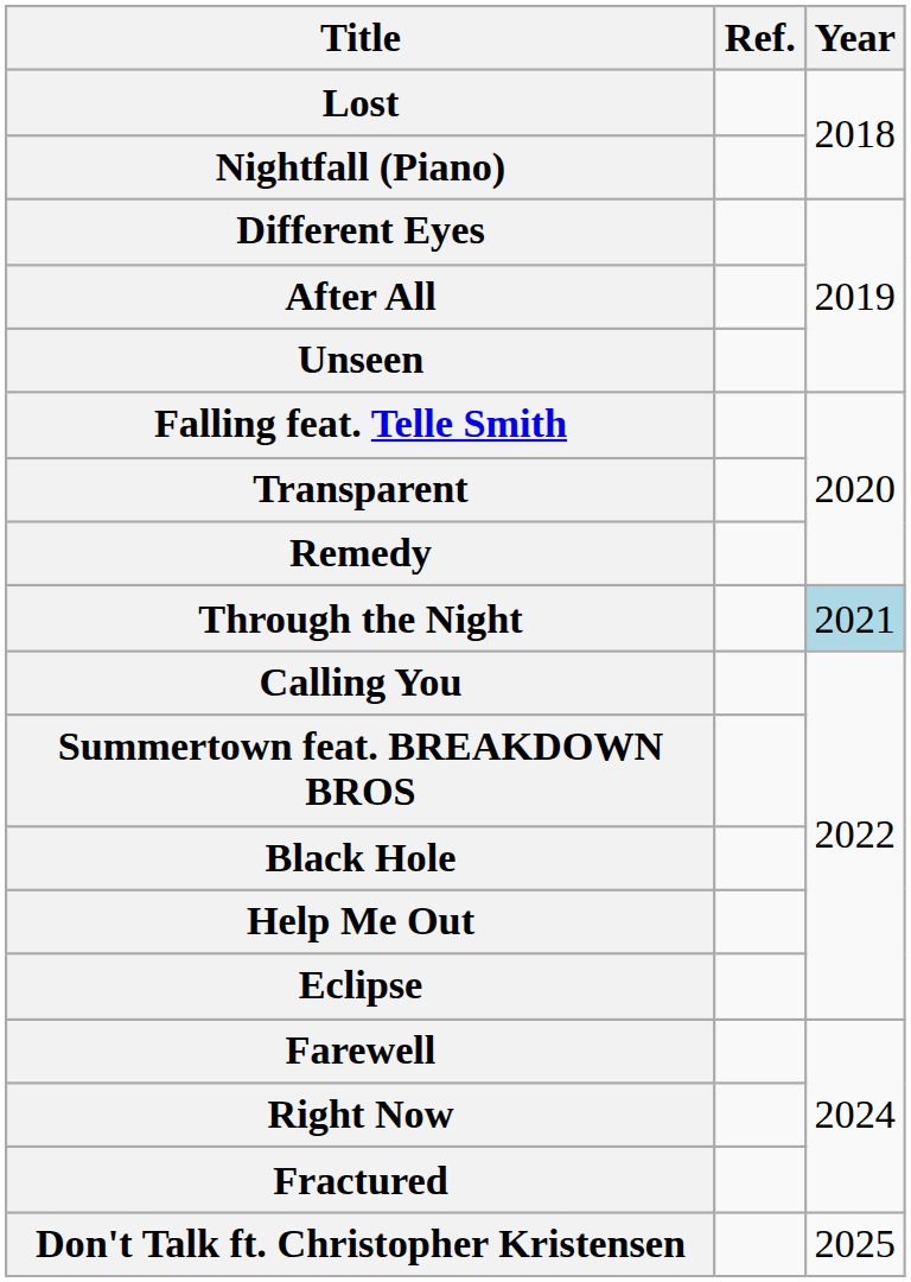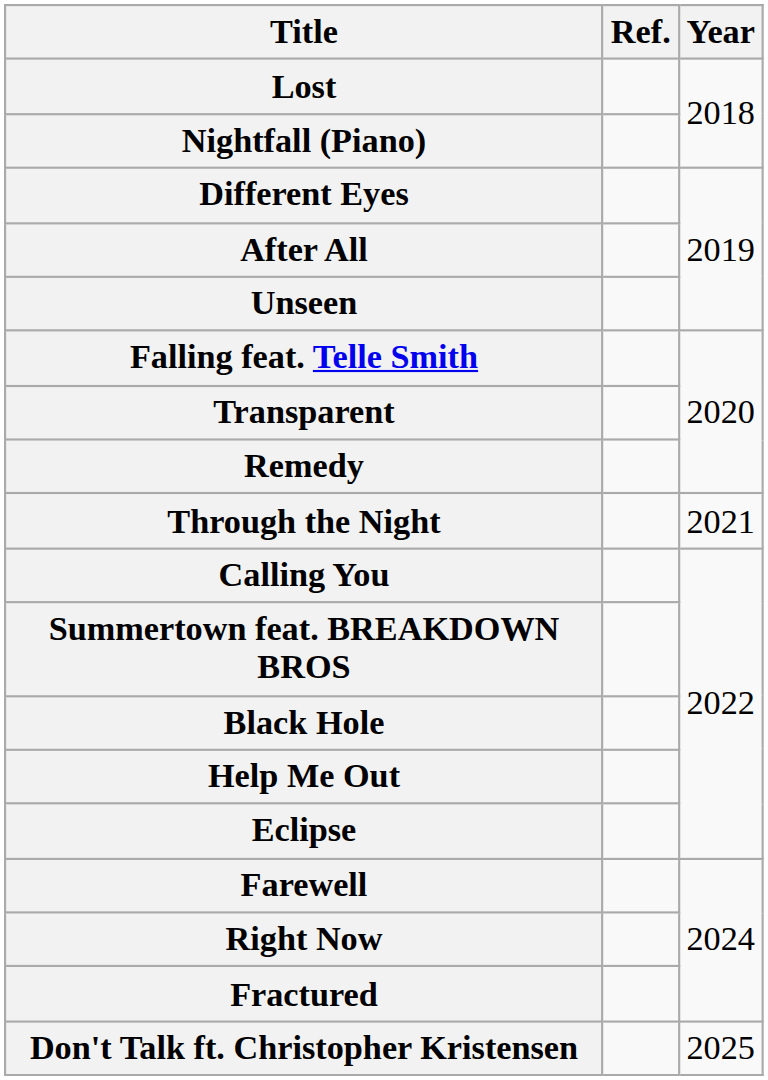 <table class="wikitable plainrowheaders" style="text-align:center;">
 <tr>
 <th scope="col" style="width:17em;">Title</th>
 <th scope="col">Ref.</th>
 <th scope="col">Year</th>
 </tr>
 <tr>
 <th scope="row">Lost</th>
 <td></td>
 <td rowspan="2">2018</td>
 </tr>
 <tr>
 <th scope="row">Nightfall (Piano)</th>
 <td></td>
 </tr>
 <tr>
 <th scope="row">Different Eyes</th>
 <td></td>
 <td rowspan="3">2019</td>
 </tr>
 <tr>
 <th scope="row">After All</th>
 <td></td>
 </tr>
 <tr>
 <th scope="row">Unseen</th>
 <td></td>
 </tr>
 <tr>
 <th scope="row">Falling feat. <a href='#'>Telle Smith</a></th>
 <td></td>
 <td rowspan="3">2020</td>
 </tr>
 <tr>
 <th scope="row">Transparent</th>
 <td></td>
 </tr>
 <tr>
 <th scope="row">Remedy</th>
 <td></td>
 </tr>
 <tr>
 <th scope="row">Through the Night</th>
 <td></td>
-<td rowspan="1" style="background: lightblue;">2021</td>
+<td rowspan="1">2021</td>
 </tr>
 <tr>
 <th scope="row">Calling You</th>
 <td></td>
 <td rowspan="5">2022</td>
 </tr>
 <tr>
 <th scope="row">Summertown feat. BREAKDOWN BROS</th>
 <td></td>
 </tr>
 <tr>
 <th scope="row">Black Hole</th>
 <td></td>
 </tr>
 <tr>
 <th scope="row">Help Me Out</th>
 <td></td>
 </tr>
 <tr>
 <th scope="row">Eclipse</th>
 <td></td>
 </tr>
 <tr>
 <th scope="row">Farewell</th>
 <td></td>
 <td rowspan="3">2024</td>
 </tr>
 <tr>
 <th scope="row">Right Now</th>
 <td></td>
 </tr>
 <tr>
 <th scope="row">Fractured</th>
 <td></td>
 </tr>
 <tr>
 <th scope="row">Don't Talk ft. Christopher Kristensen</th>
 <td></td>
 <td rowspan="1">2025</td>
 </tr>
 </table>
